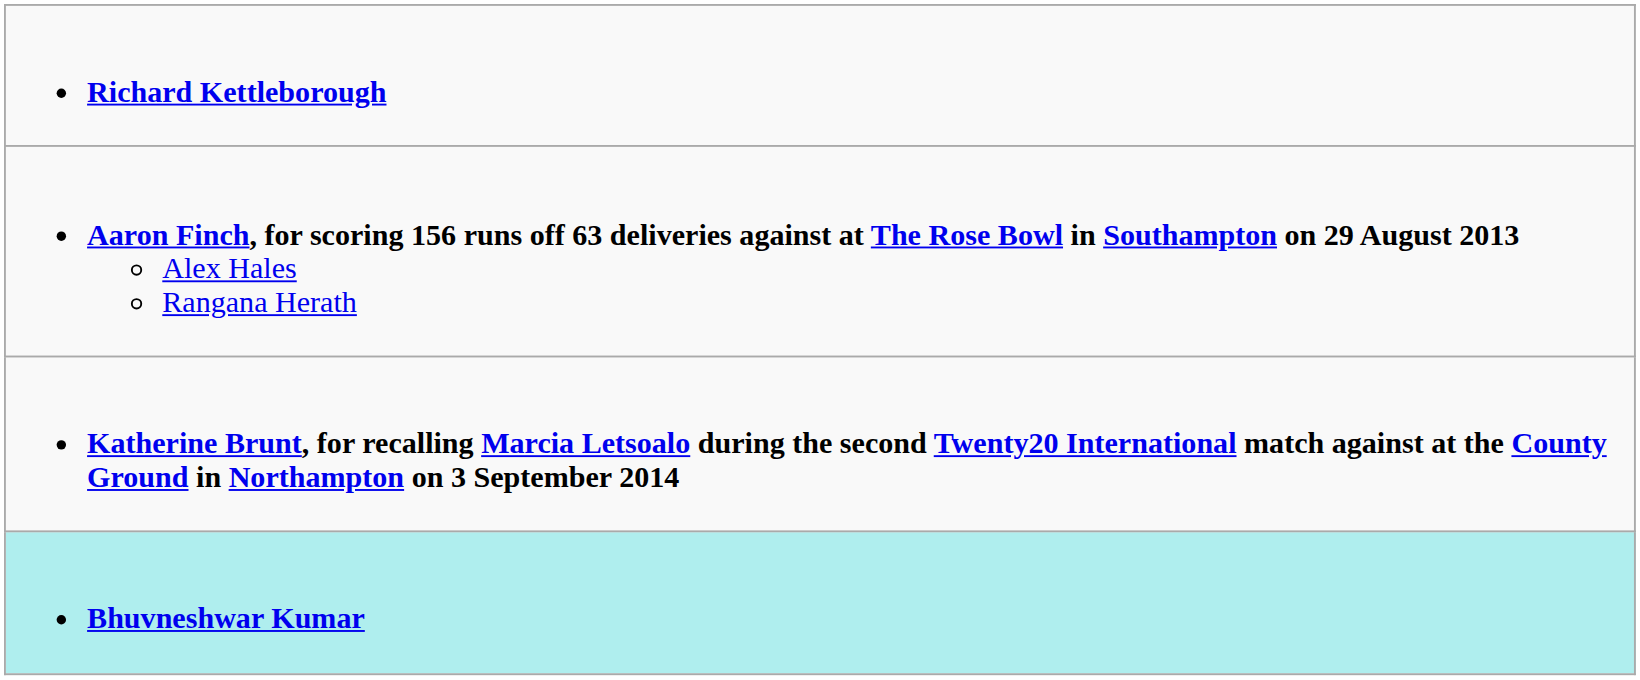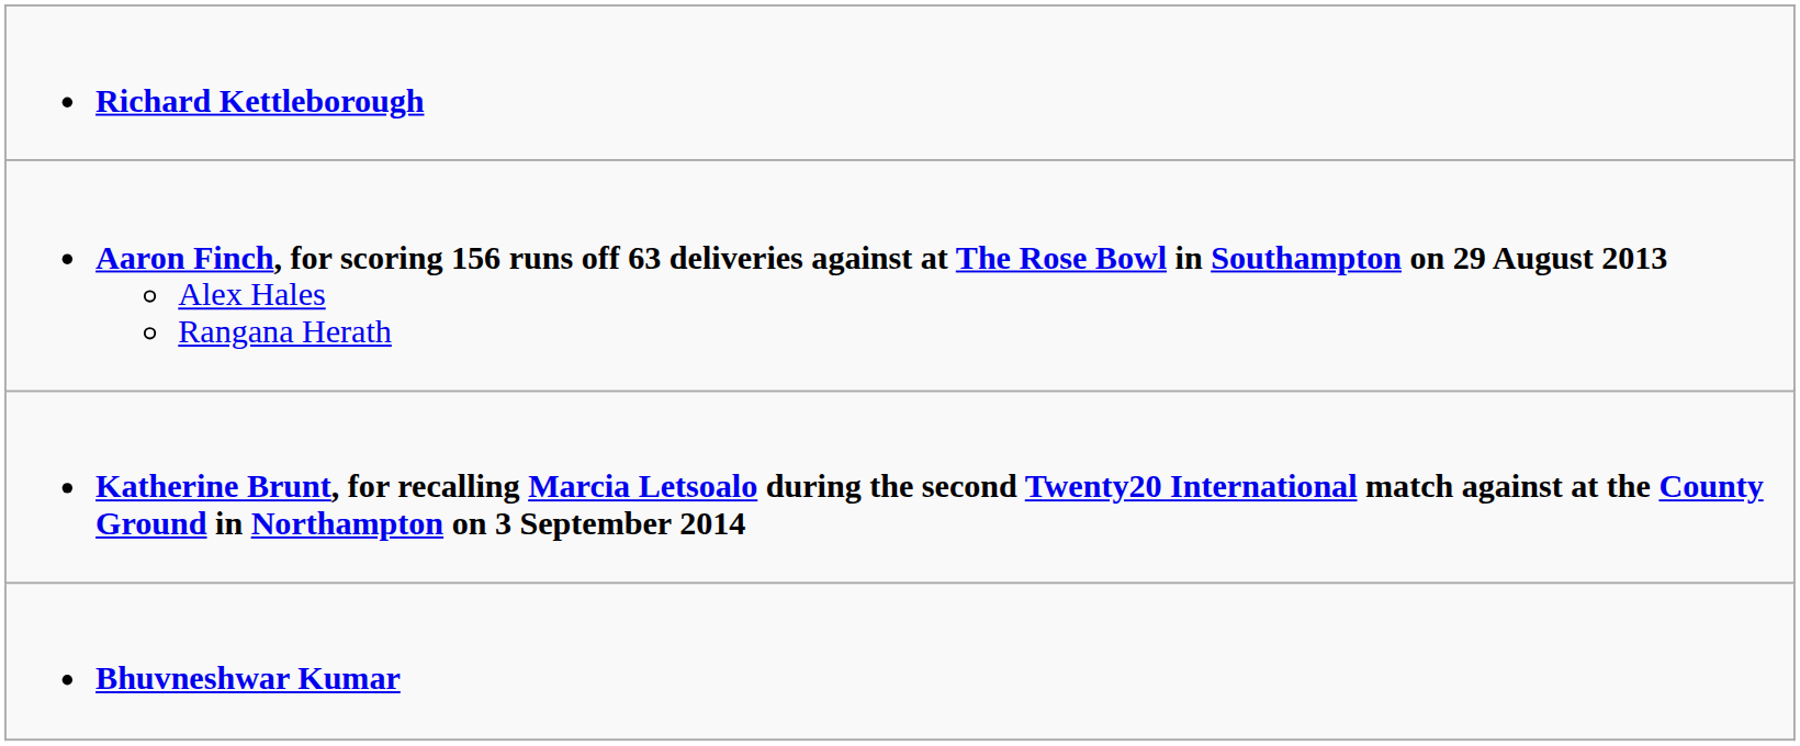 <table class="wikitable">
 <tr>
 <td valign="top" width="50%"><br><ul><li><strong> <a href='#'>Richard Kettleborough</a></strong></li></ul></td>
 </tr>
 <tr>
 <td valign="top" width="50%"><br><ul><li><strong> <a href='#'>Aaron Finch</a>, for scoring 156 runs off 63 deliveries against  at <a href='#'>The Rose Bowl</a> in <a href='#'>Southampton</a> on 29 August 2013</strong><ul><li> <a href='#'>Alex Hales</a></li><li> <a href='#'>Rangana Herath</a></li></ul></li></ul></td>
 </tr>
 <tr>
 <td valign="top" width="50%"><br><ul><li><strong> <a href='#'>Katherine Brunt</a>, for recalling <a href='#'>Marcia Letsoalo</a> during the second <a href='#'>Twenty20 International</a> match against  at the <a href='#'>County Ground</a> in <a href='#'>Northampton</a> on 3 September 2014</strong></li></ul></td>
 </tr>
 <tr>
-<td valign="top" width="50%" style="background: paleturquoise;"><br><ul><li><strong> <a href='#'>Bhuvneshwar Kumar</a></strong></li></ul></td>
+<td valign="top" width="50%"><br><ul><li><strong> <a href='#'>Bhuvneshwar Kumar</a></strong></li></ul></td>
 </tr>
 </table>
